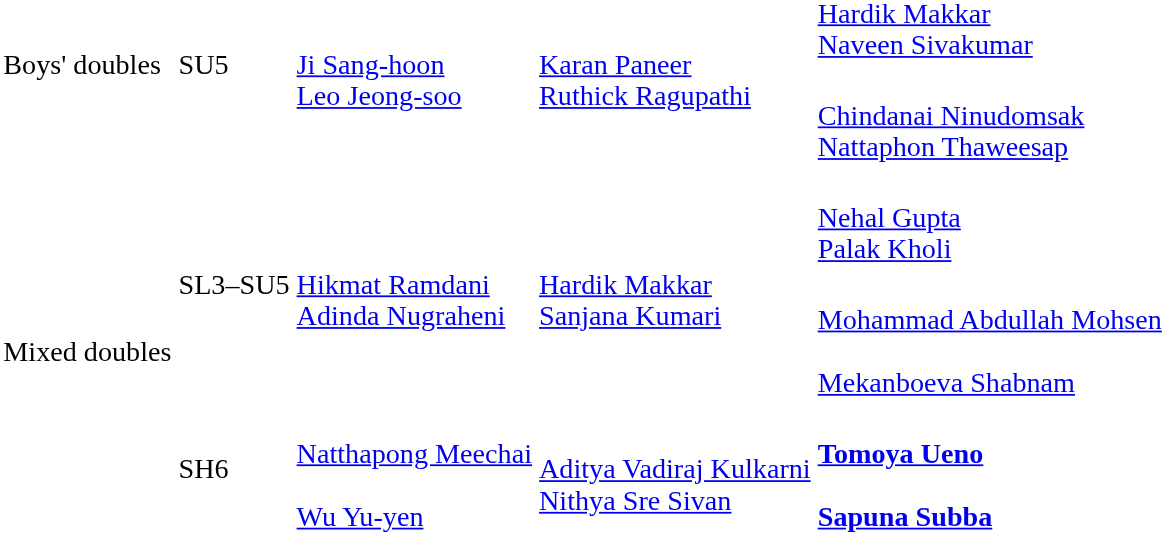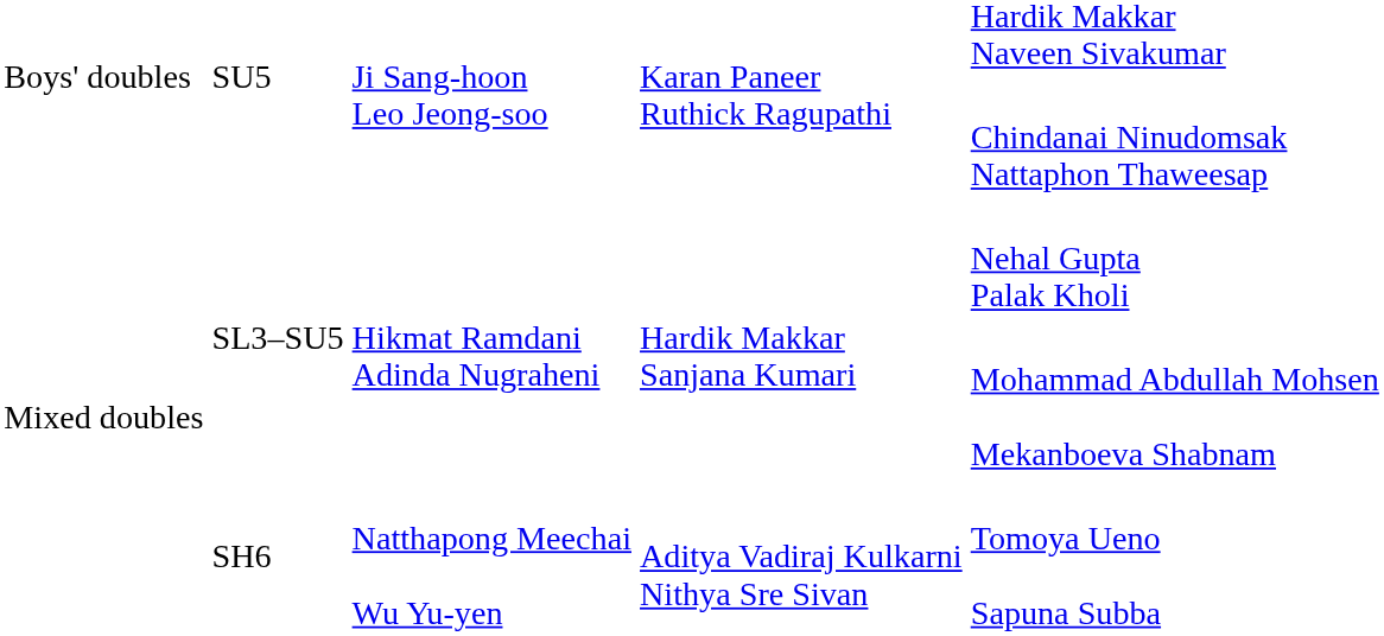 <table>
 <tr>
 <td rowspan=2>Boys' doubles</td>
 <td rowspan=2>SU5</td>
 <td rowspan=2><br><a href='#'>Ji Sang-hoon</a><br><a href='#'>Leo Jeong-soo</a></td>
 <td rowspan=2><br><a href='#'>Karan Paneer</a><br><a href='#'>Ruthick Ragupathi</a></td>
 <td><br><a href='#'>Hardik Makkar</a><br><a href='#'>Naveen Sivakumar</a></td>
 </tr>
 <tr>
 <td><br><a href='#'>Chindanai Ninudomsak</a><br><a href='#'>Nattaphon Thaweesap</a></td>
 </tr>
 <tr>
 <td rowspan=3>Mixed doubles</td>
 <td rowspan=2>SL3–SU5</td>
 <td rowspan=2><br><a href='#'>Hikmat Ramdani</a><br><a href='#'>Adinda Nugraheni</a></td>
 <td rowspan=2><br><a href='#'>Hardik Makkar</a><br><a href='#'>Sanjana Kumari</a></td>
 <td><br><a href='#'>Nehal Gupta</a><br><a href='#'>Palak Kholi</a></td>
 </tr>
 <tr>
 <td><br><a href='#'>Mohammad Abdullah Mohsen</a><br><br><a href='#'>Mekanboeva Shabnam</a></td>
 </tr>
 <tr>
 <td>SH6</td>
 <td><br><a href='#'>Natthapong Meechai</a><br><br><a href='#'>Wu Yu-yen</a></td>
 <td><br><a href='#'>Aditya Vadiraj Kulkarni</a><br><a href='#'>Nithya Sre Sivan</a></td>
-<td><strong><br><a href='#'>Tomoya Ueno</a><br><br><a href='#'>Sapuna Subba</a></strong></td>
+<td><br><a href='#'>Tomoya Ueno</a><br><br><a href='#'>Sapuna Subba</a></td>
 </tr>
 </table>
